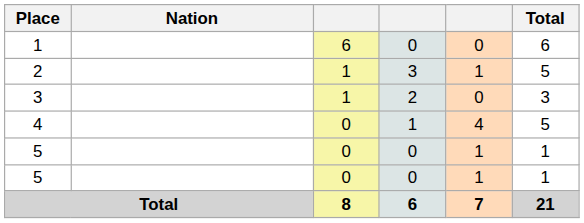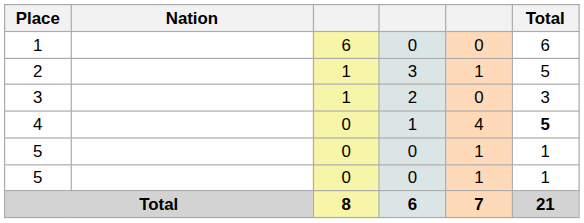 <table class=wikitable style="border:1px solid #AAAAAA;font-size:90%">
 <tr bgcolor="#EFEFEF">
 <th width=50>Place</th>
 <th width=200>Nation</th>
 <th width=50></th>
 <th width=50></th>
 <th width=50></th>
 <th width=50>Total</th>
 </tr>
 <tr align="center" valign="top" bgcolor="#FFFFFF">
 <td>1</td>
 <td align="left"></td>
 <td style="background:#F7F6A8;">6</td>
 <td style="background:#DCE5E5;">0</td>
 <td style="background:#FFDAB9;">0</td>
 <td>6</td>
 </tr>
 <tr align="center" valign="top" bgcolor="#FFFFFF">
 <td>2</td>
 <td align="left"></td>
 <td style="background:#F7F6A8;">1</td>
 <td style="background:#DCE5E5;">3</td>
 <td style="background:#FFDAB9;">1</td>
 <td>5</td>
 </tr>
 <tr align="center" valign="top" bgcolor="#FFFFFF">
 <td>3</td>
 <td align="left"></td>
 <td style="background:#F7F6A8;">1</td>
 <td style="background:#DCE5E5;">2</td>
 <td style="background:#FFDAB9;">0</td>
 <td>3</td>
 </tr>
 <tr align="center" valign="top" bgcolor="#FFFFFF">
 <td>4</td>
 <td align="left"></td>
 <td style="background:#F7F6A8;">0</td>
 <td style="background:#DCE5E5;">1</td>
 <td style="background:#FFDAB9;">4</td>
-<td>5</td>
+<td><strong>5</strong></td>
 </tr>
 <tr align="center" valign="top" bgcolor="#FFFFFF">
 <td>5</td>
 <td align="left"></td>
 <td style="background:#F7F6A8;">0</td>
 <td style="background:#DCE5E5;">0</td>
 <td style="background:#FFDAB9;">1</td>
 <td>1</td>
 </tr>
 <tr align="center" valign="top" bgcolor="#FFFFFF">
 <td>5</td>
 <td align="left"></td>
 <td style="background:#F7F6A8;">0</td>
 <td style="background:#DCE5E5;">0</td>
 <td style="background:#FFDAB9;">1</td>
 <td>1</td>
 </tr>
 <tr align="center">
 <td colspan="2" bgcolor=D3D3D3><strong>Total</strong></td>
 <td style="background:#F7F6A8;"><strong>8</strong></td>
 <td style="background:#DCE5E5;"><strong>6</strong></td>
 <td style="background:#FFDAB9;"><strong>7</strong></td>
 <td bgcolor=D3D3D3><strong>21</strong></td>
 </tr>
 </table>
